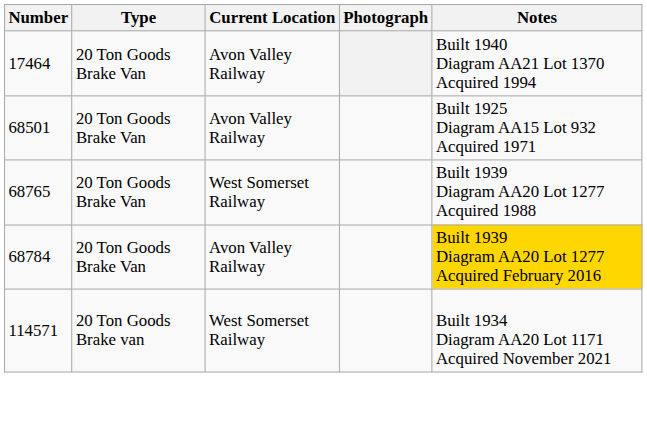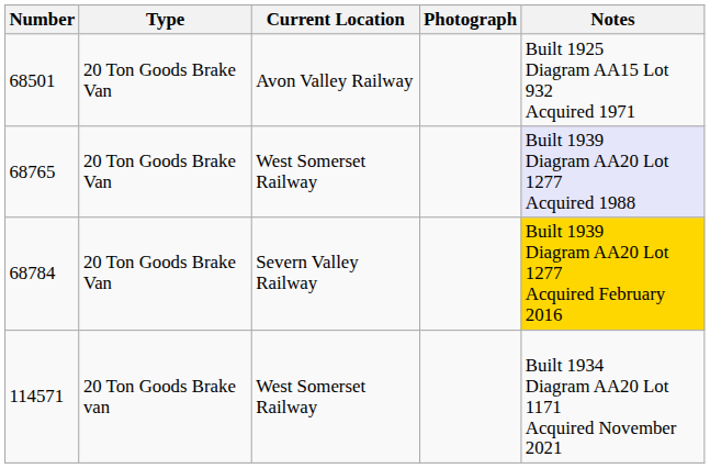 <table class="wikitable">
 <tr>
 <th>Number</th>
 <th>Type</th>
 <th>Current Location</th>
 <th>Photograph</th>
 <th>Notes</th>
-</tr>
-<tr>
-<td>17464</td>
-<td>20 Ton Goods Brake Van</td>
-<td>Avon Valley Railway</td>
-<th></th>
-<td>Built 1940<br>Diagram AA21 Lot 1370 Acquired 1994</td>
 </tr>
 <tr>
 <td>68501</td>
 <td>20 Ton Goods Brake Van</td>
 <td>Avon Valley Railway</td>
 <td></td>
 <td>Built 1925<br>Diagram AA15 Lot 932<br>Acquired 1971</td>
 </tr>
 <tr>
 <td>68765</td>
 <td>20 Ton Goods Brake Van</td>
 <td>West Somerset Railway</td>
 <td></td>
-<td>Built 1939<br>Diagram AA20 Lot 1277<br>Acquired 1988</td>
+<td style="background: lavender;">Built 1939<br>Diagram AA20 Lot 1277<br>Acquired 1988</td>
 </tr>
 <tr>
 <td>68784</td>
 <td>20 Ton Goods Brake Van</td>
-<td>Avon Valley Railway</td>
+<td>Severn Valley Railway</td>
 <td></td>
 <td style="background: gold;">Built 1939<br>Diagram AA20 Lot 1277<br>Acquired February 2016</td>
 </tr>
 <tr>
 <td>114571</td>
 <td>20 Ton Goods Brake van</td>
 <td>West Somerset Railway</td>
 <td></td>
 <td><br>Built 1934<br>Diagram AA20 Lot 1171<br>Acquired November 2021</td>
 </tr>
 </table>
